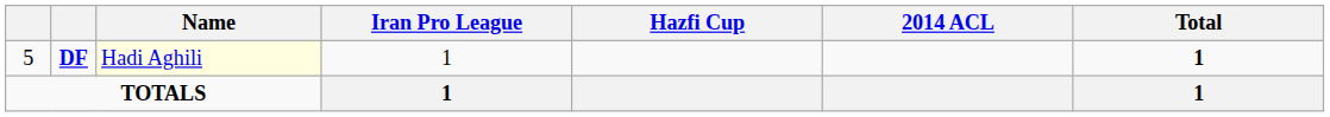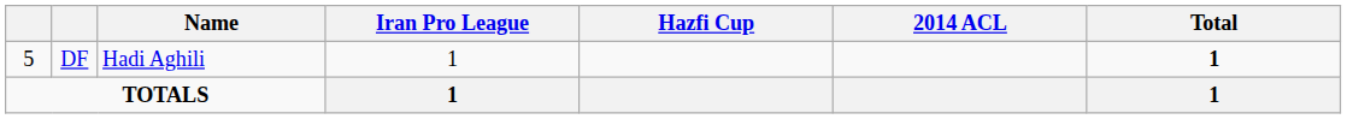 <table class="wikitable" style="font-size: 95%; text-align: center;">
 <tr>
 <th width=25></th>
 <th width=25></th>
 <th width=152>Name</th>
 <th width=170><strong><a href='#'>Iran Pro League</a></strong></th>
 <th width=170><strong><a href='#'>Hazfi Cup</a></strong></th>
 <th width=170><strong><a href='#'>2014 ACL</a></strong></th>
 <th width=170>Total</th>
 </tr>
 <tr>
 <td>5</td>
-<td><strong><a href='#'>DF</a></strong></td>
-<td align=left style="background: lightyellow;"> <a href='#'>Hadi Aghili</a></td>
+<td><a href='#'>DF</a></td>
+<td align=left> <a href='#'>Hadi Aghili</a></td>
 <td>1</td>
 <td></td>
 <td></td>
 <td><strong>1</strong></td>
 </tr>
 <tr>
 <td colspan=3><strong>TOTALS</strong></td>
 <th><strong>1</strong></th>
 <th><strong> </strong></th>
 <th><strong> </strong></th>
 <th><strong>1</strong></th>
 </tr>
 </table>
